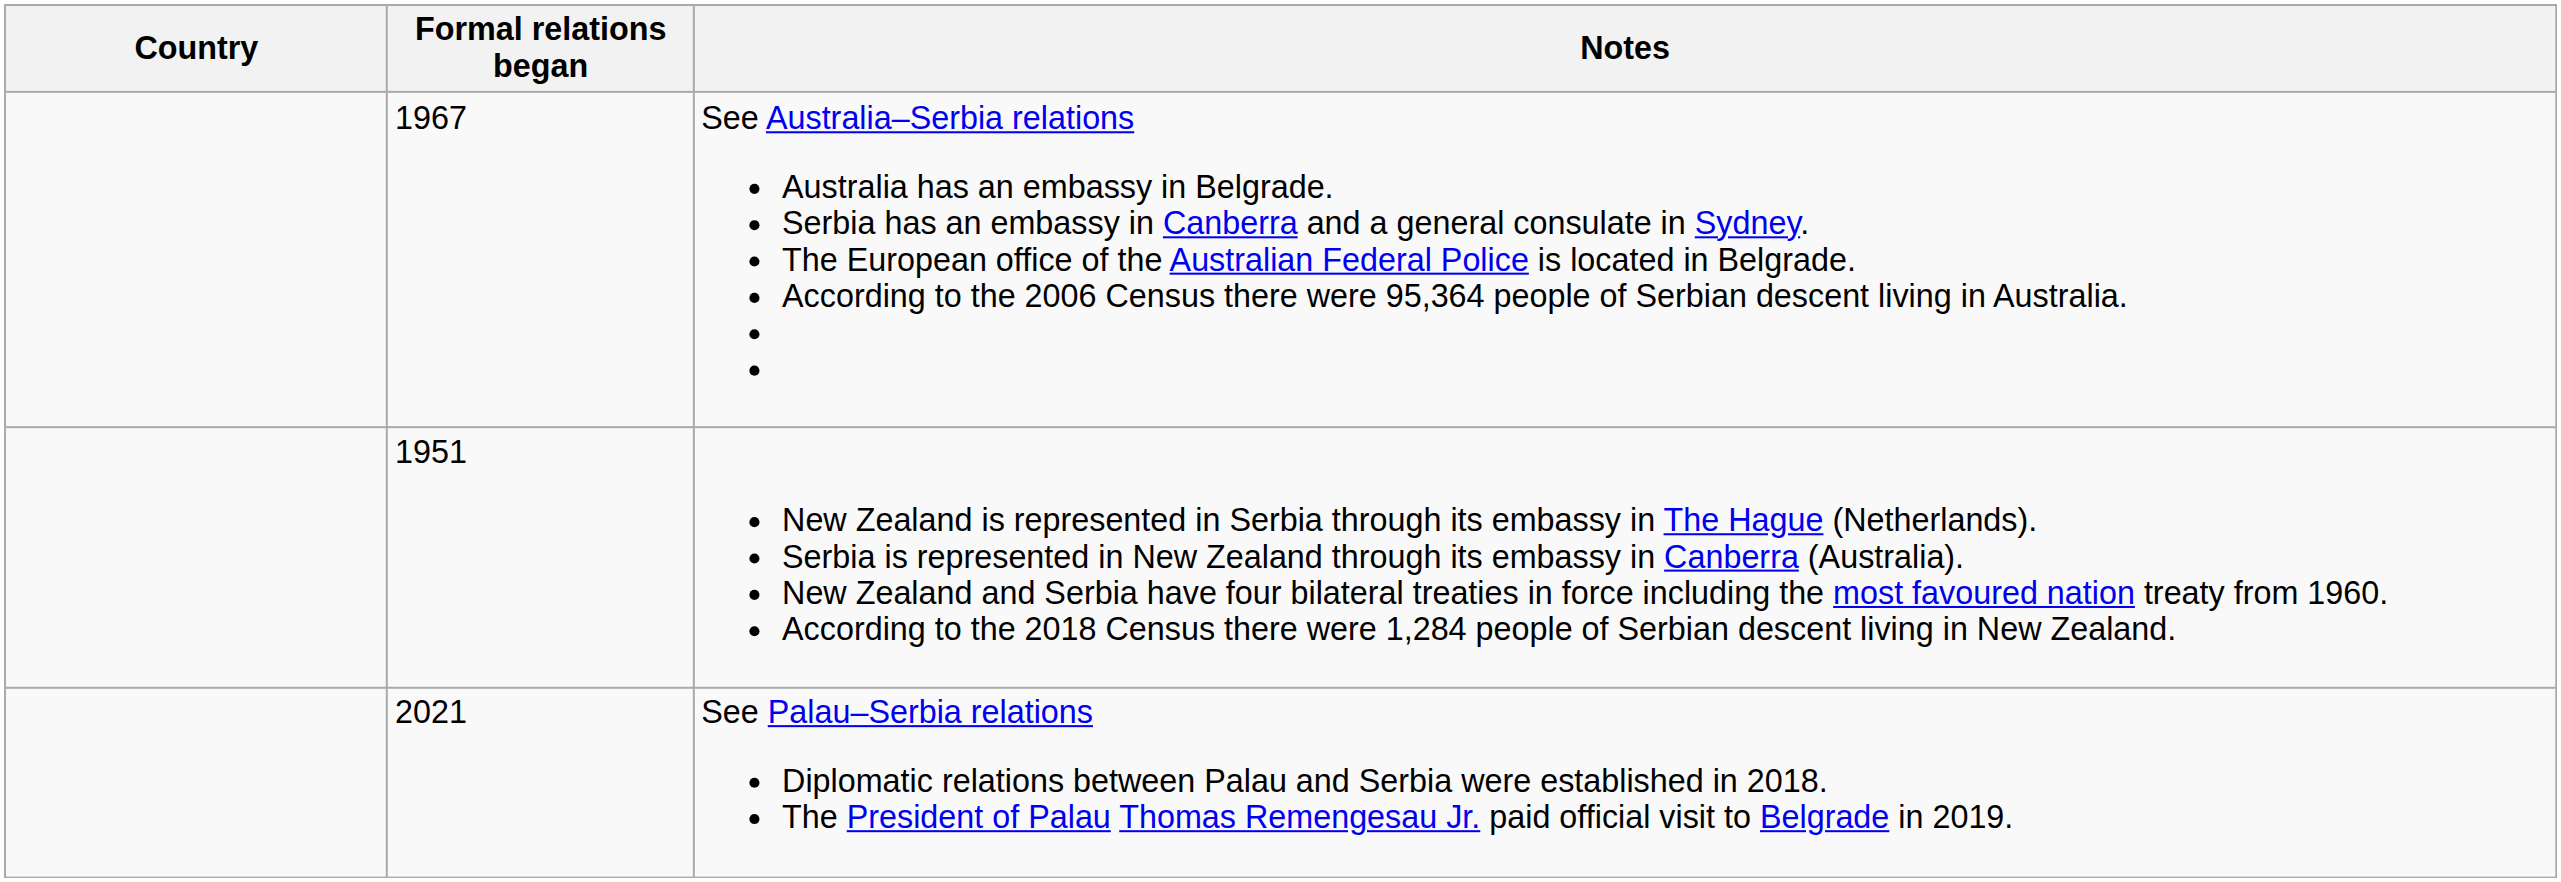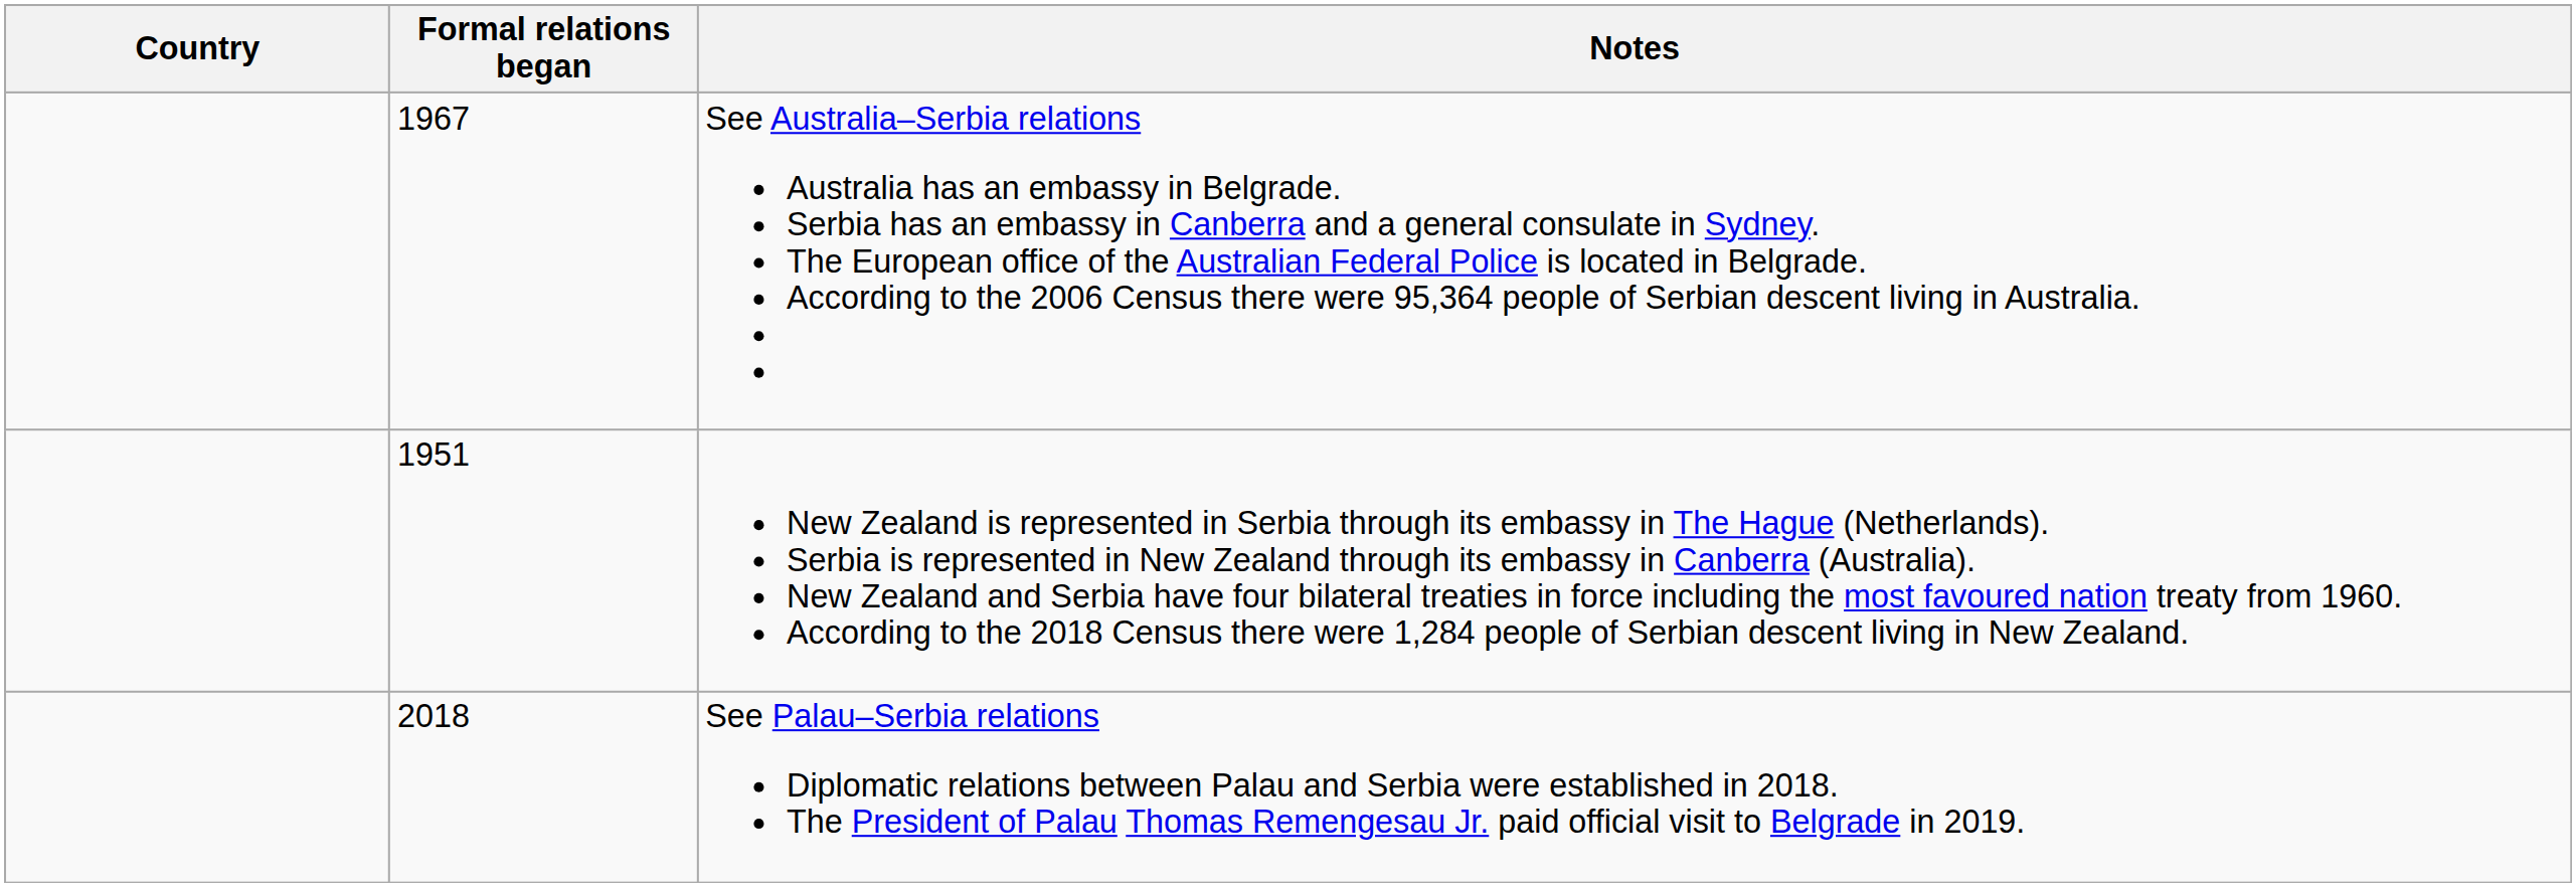 <table class="wikitable sortable" style="width:100%; margin:auto;">
 <tr>
 <th style="width:15%;">Country</th>
 <th style="width:12%;">Formal relations began</th>
 <th>Notes</th>
 </tr>
 <tr valign="top">
 <td></td>
 <td>1967</td>
 <td>See <a href='#'>Australia–Serbia relations</a><br><ul><li>Australia has an embassy in Belgrade.</li><li>Serbia has an embassy in <a href='#'>Canberra</a> and a general consulate in <a href='#'>Sydney</a>.</li><li>The European office of the <a href='#'>Australian Federal Police</a> is located in Belgrade.</li><li>According to the 2006 Census there were 95,364 people of Serbian descent living in Australia.</li><li></li><li></li></ul></td>
 </tr>
 <tr valign="top">
 <td></td>
 <td>1951</td>
 <td><br><ul><li>New Zealand is represented in Serbia through its embassy in <a href='#'>The Hague</a> (Netherlands).</li><li>Serbia is represented in New Zealand through its embassy in <a href='#'>Canberra</a> (Australia).</li><li>New Zealand and Serbia have four bilateral treaties in force including the <a href='#'>most favoured nation</a> treaty from 1960.</li><li>According to the 2018 Census there were 1,284 people of Serbian descent living in New Zealand.</li></ul></td>
 </tr>
 <tr valign="top">
 <td></td>
-<td>2021</td>
+<td>2018</td>
 <td>See <a href='#'>Palau–Serbia relations</a><br><ul><li>Diplomatic relations between Palau and Serbia were established in 2018.</li><li>The <a href='#'>President of Palau</a> <a href='#'>Thomas Remengesau Jr.</a> paid official visit to <a href='#'>Belgrade</a> in 2019.</li></ul></td>
 </tr>
 </table>
